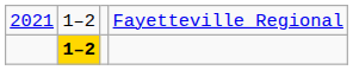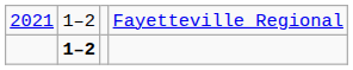 <table class="wikitable">
 <tr>
 <td><a href='#'>2021</a></td>
 <td>1–2</td>
 <td></td>
 <td><a href='#'>Fayetteville Regional</a></td>
 </tr>
 <tr>
 <td></td>
-<td style="background: gold;"><strong>1–2</strong></td>
+<td><strong>1–2</strong></td>
 <td><strong></strong></td>
 <td></td>
 </tr>
 </table>
